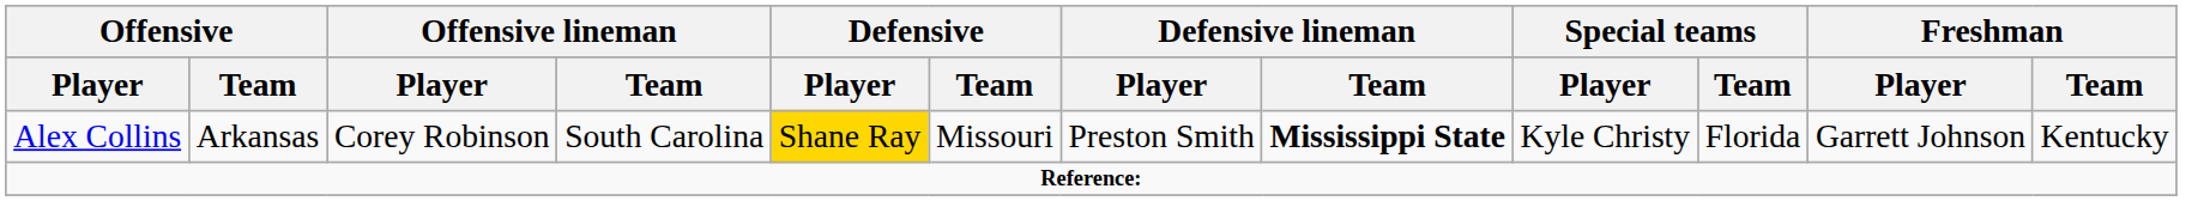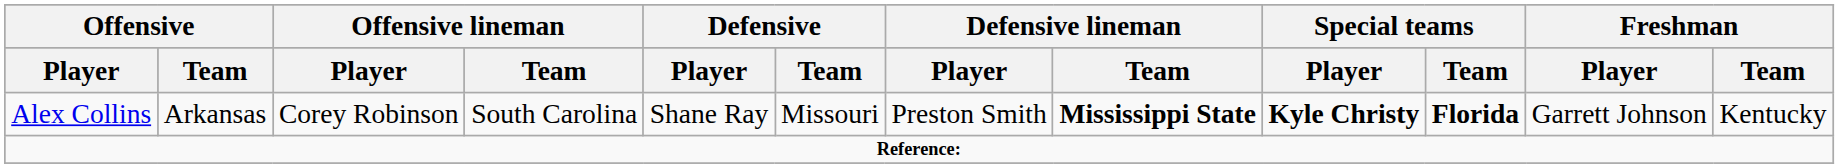 <table class="wikitable" border="1">
 <tr>
 <th colspan="2">Offensive</th>
 <th colspan="2">Offensive lineman</th>
 <th colspan="2">Defensive</th>
 <th colspan="2">Defensive lineman</th>
 <th colspan="2">Special teams</th>
 <th colspan="2">Freshman</th>
 </tr>
 <tr>
 <th>Player</th>
 <th>Team</th>
 <th>Player</th>
 <th>Team</th>
 <th>Player</th>
 <th>Team</th>
 <th>Player</th>
 <th>Team</th>
 <th>Player</th>
 <th>Team</th>
 <th>Player</th>
 <th>Team</th>
 </tr>
 <tr>
 <td><a href='#'>Alex Collins</a></td>
 <td>Arkansas</td>
 <td>Corey Robinson</td>
 <td>South Carolina</td>
-<td style="background: gold;">Shane Ray</td>
+<td>Shane Ray</td>
 <td>Missouri</td>
 <td>Preston Smith</td>
 <td><strong>Mississippi State</strong></td>
-<td>Kyle Christy</td>
-<td>Florida</td>
+<td><strong>Kyle Christy</strong></td>
+<td><strong>Florida</strong></td>
 <td>Garrett Johnson</td>
 <td>Kentucky</td>
 </tr>
 <tr>
 <td colspan="12" style="font-size: 8pt" align="center"><strong>Reference:</strong></td>
 </tr>
 </table>
